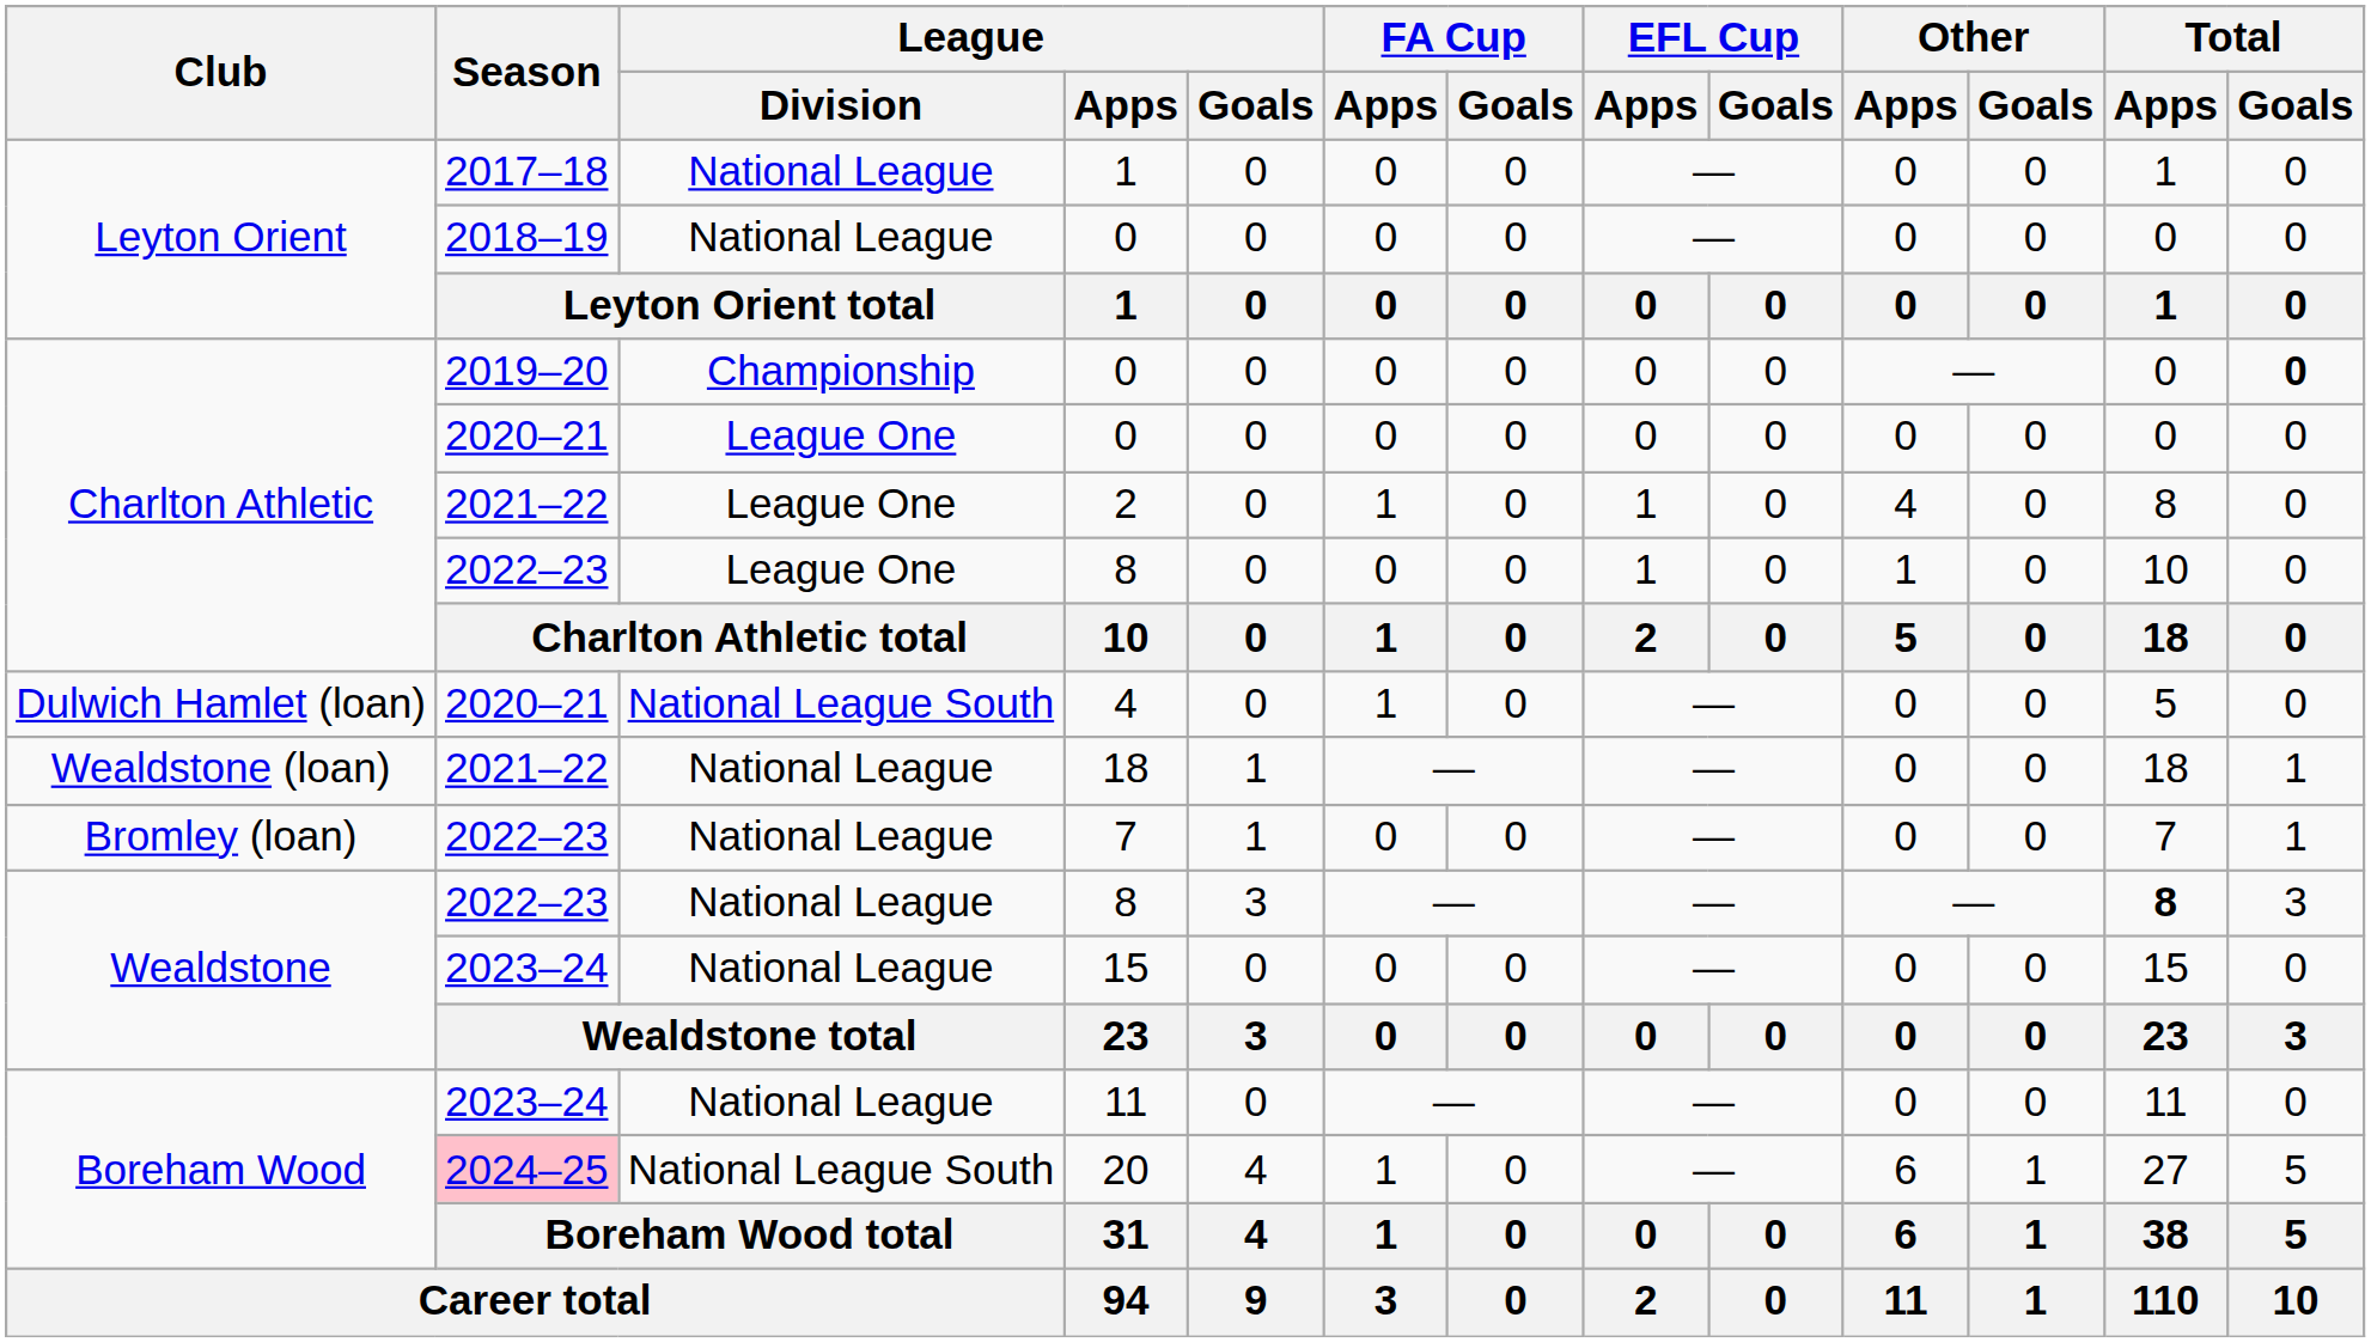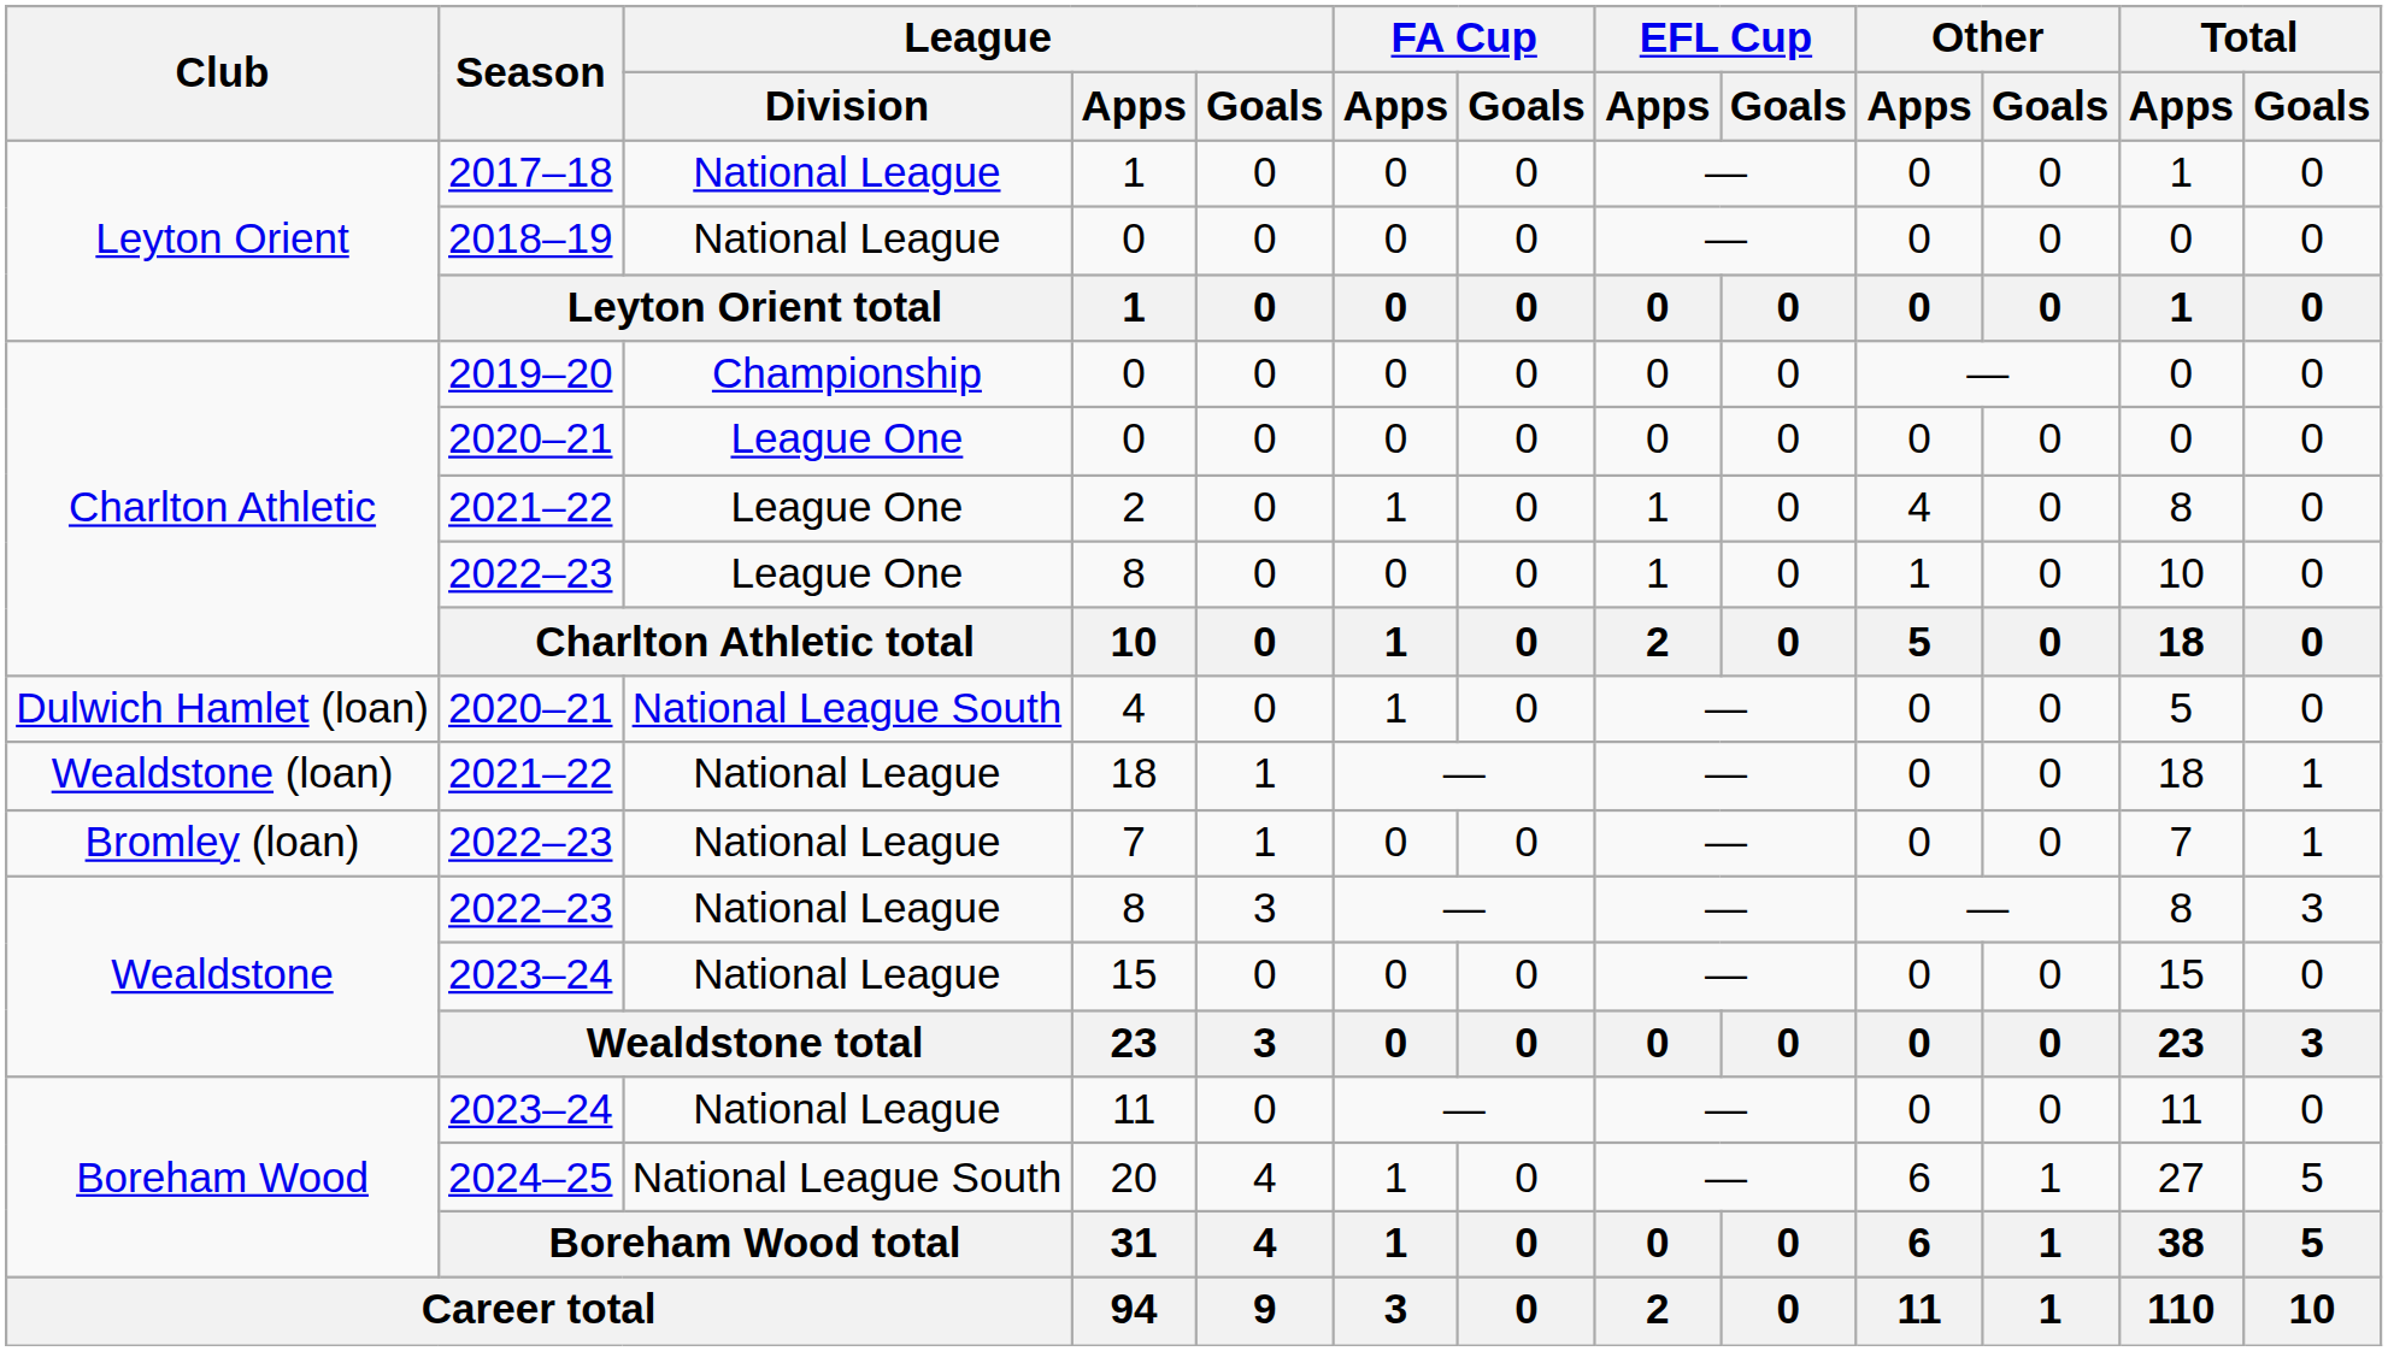 <table class="wikitable" style="text-align: center">
 <tr>
 <th rowspan="2">Club</th>
 <th rowspan="2">Season</th>
 <th colspan="3">League</th>
 <th colspan="2"><a href='#'>FA Cup</a></th>
 <th colspan="2"><a href='#'>EFL Cup</a></th>
 <th colspan="2">Other</th>
 <th colspan="2">Total</th>
 </tr>
 <tr>
 <th>Division</th>
 <th>Apps</th>
 <th>Goals</th>
 <th>Apps</th>
 <th>Goals</th>
 <th>Apps</th>
 <th>Goals</th>
 <th>Apps</th>
 <th>Goals</th>
 <th>Apps</th>
 <th>Goals</th>
 </tr>
 <tr>
 <td rowspan="3"><a href='#'>Leyton Orient</a></td>
 <td><a href='#'>2017–18</a></td>
 <td><a href='#'>National League</a></td>
 <td>1</td>
 <td>0</td>
 <td>0</td>
 <td>0</td>
 <td colspan="2">—</td>
 <td>0</td>
 <td>0</td>
 <td>1</td>
 <td>0</td>
 </tr>
 <tr>
 <td><a href='#'>2018–19</a></td>
 <td>National League</td>
 <td>0</td>
 <td>0</td>
 <td>0</td>
 <td>0</td>
 <td colspan="2">—</td>
 <td>0</td>
 <td>0</td>
 <td>0</td>
 <td>0</td>
 </tr>
 <tr>
 <th colspan="2">Leyton Orient total</th>
 <th>1</th>
 <th>0</th>
 <th>0</th>
 <th>0</th>
 <th>0</th>
 <th>0</th>
 <th>0</th>
 <th>0</th>
 <th>1</th>
 <th>0</th>
 </tr>
 <tr>
 <td rowspan="5"><a href='#'>Charlton Athletic</a></td>
 <td><a href='#'>2019–20</a></td>
 <td><a href='#'>Championship</a></td>
 <td>0</td>
 <td>0</td>
 <td>0</td>
 <td>0</td>
 <td>0</td>
 <td>0</td>
 <td colspan="2">—</td>
 <td>0</td>
-<td><strong>0</strong></td>
+<td>0</td>
 </tr>
 <tr>
 <td><a href='#'>2020–21</a></td>
 <td><a href='#'>League One</a></td>
 <td>0</td>
 <td>0</td>
 <td>0</td>
 <td>0</td>
 <td>0</td>
 <td>0</td>
 <td>0</td>
 <td>0</td>
 <td>0</td>
 <td>0</td>
 </tr>
 <tr>
 <td><a href='#'>2021–22</a></td>
 <td>League One</td>
 <td>2</td>
 <td>0</td>
 <td>1</td>
 <td>0</td>
 <td>1</td>
 <td>0</td>
 <td>4</td>
 <td>0</td>
 <td>8</td>
 <td>0</td>
 </tr>
 <tr>
 <td><a href='#'>2022–23</a></td>
 <td>League One</td>
 <td>8</td>
 <td>0</td>
 <td>0</td>
 <td>0</td>
 <td>1</td>
 <td>0</td>
 <td>1</td>
 <td>0</td>
 <td>10</td>
 <td>0</td>
 </tr>
 <tr>
 <th colspan="2">Charlton Athletic total</th>
 <th>10</th>
 <th>0</th>
 <th>1</th>
 <th>0</th>
 <th>2</th>
 <th>0</th>
 <th>5</th>
 <th>0</th>
 <th>18</th>
 <th>0</th>
 </tr>
 <tr>
 <td rowspan="1"><a href='#'>Dulwich Hamlet</a> (loan)</td>
 <td><a href='#'>2020–21</a></td>
 <td><a href='#'>National League South</a></td>
 <td>4</td>
 <td>0</td>
 <td>1</td>
 <td>0</td>
 <td colspan="2">—</td>
 <td>0</td>
 <td>0</td>
 <td>5</td>
 <td>0</td>
 </tr>
 <tr>
 <td rowspan="1"><a href='#'>Wealdstone</a> (loan)</td>
 <td><a href='#'>2021–22</a></td>
 <td>National League</td>
 <td>18</td>
 <td>1</td>
 <td colspan="2">—</td>
 <td colspan="2">—</td>
 <td>0</td>
 <td>0</td>
 <td>18</td>
 <td>1</td>
 </tr>
 <tr>
 <td rowspan="1"><a href='#'>Bromley</a> (loan)</td>
 <td><a href='#'>2022–23</a></td>
 <td>National League</td>
 <td>7</td>
 <td>1</td>
 <td>0</td>
 <td>0</td>
 <td colspan="2">—</td>
 <td>0</td>
 <td>0</td>
 <td>7</td>
 <td>1</td>
 </tr>
 <tr>
 <td rowspan="3"><a href='#'>Wealdstone</a></td>
 <td><a href='#'>2022–23</a></td>
 <td>National League</td>
 <td>8</td>
 <td>3</td>
 <td colspan="2">—</td>
 <td colspan="2">—</td>
 <td colspan="2">—</td>
-<td><strong>8</strong></td>
+<td>8</td>
 <td>3</td>
 </tr>
 <tr>
 <td><a href='#'>2023–24</a></td>
 <td>National League</td>
 <td>15</td>
 <td>0</td>
 <td>0</td>
 <td>0</td>
 <td colspan="2">—</td>
 <td>0</td>
 <td>0</td>
 <td>15</td>
 <td>0</td>
 </tr>
 <tr>
 <th colspan="2">Wealdstone total</th>
 <th>23</th>
 <th>3</th>
 <th>0</th>
 <th>0</th>
 <th>0</th>
 <th>0</th>
 <th>0</th>
 <th>0</th>
 <th>23</th>
 <th>3</th>
 </tr>
 <tr>
 <td rowspan="3"><a href='#'>Boreham Wood</a></td>
 <td><a href='#'>2023–24</a></td>
 <td>National League</td>
 <td>11</td>
 <td>0</td>
 <td colspan="2">—</td>
 <td colspan="2">—</td>
 <td>0</td>
 <td>0</td>
 <td>11</td>
 <td>0</td>
 </tr>
 <tr>
-<td style="background: pink;"><a href='#'>2024–25</a></td>
+<td><a href='#'>2024–25</a></td>
 <td>National League South</td>
 <td>20</td>
 <td>4</td>
 <td>1</td>
 <td>0</td>
 <td colspan="2">—</td>
 <td>6</td>
 <td>1</td>
 <td>27</td>
 <td>5</td>
 </tr>
 <tr>
 <th colspan="2">Boreham Wood total</th>
 <th>31</th>
 <th>4</th>
 <th>1</th>
 <th>0</th>
 <th>0</th>
 <th>0</th>
 <th>6</th>
 <th>1</th>
 <th>38</th>
 <th>5</th>
 </tr>
 <tr>
 <th colspan="3">Career total</th>
 <th>94</th>
 <th>9</th>
 <th>3</th>
 <th>0</th>
 <th>2</th>
 <th>0</th>
 <th>11</th>
 <th>1</th>
 <th>110</th>
 <th>10</th>
 </tr>
 </table>
